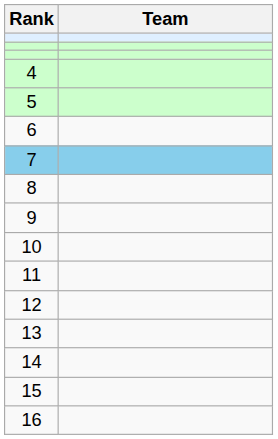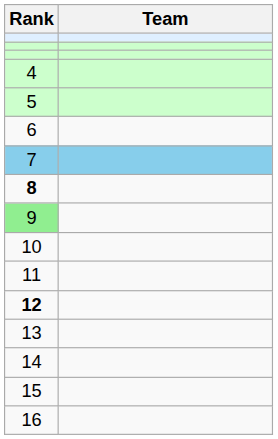 <table class="wikitable" style="text-align:center">
 <tr>
 <th width=40>Rank</th>
 <th width=180>Team</th>
 </tr>
 <tr bgcolor=#dfefff>
 <td></td>
 <td style="text-align:left"></td>
 </tr>
 <tr bgcolor=#ccffcc>
 <td></td>
 <td style="text-align:left"></td>
 </tr>
 <tr bgcolor=#ccffcc>
 <td></td>
 <td style="text-align:left"></td>
 </tr>
 <tr bgcolor=#ccffcc>
 <td>4</td>
 <td style="text-align:left"></td>
 </tr>
 <tr bgcolor=#ccffcc>
 <td>5</td>
 <td style="text-align:left"></td>
 </tr>
 <tr>
 <td>6</td>
 <td style="text-align:left"></td>
 </tr>
 <tr bgcolor=#87ceeb>
 <td>7</td>
 <td style="text-align:left"></td>
 </tr>
 <tr>
-<td>8</td>
+<td><strong>8</strong></td>
 <td style="text-align:left"></td>
 </tr>
 <tr>
-<td>9</td>
+<td style="background: lightgreen;">9</td>
 <td style="text-align:left"></td>
 </tr>
 <tr>
 <td>10</td>
 <td style="text-align:left"></td>
 </tr>
 <tr>
 <td>11</td>
 <td style="text-align:left"></td>
 </tr>
 <tr>
-<td>12</td>
+<td><strong>12</strong></td>
 <td style="text-align:left"></td>
 </tr>
 <tr>
 <td>13</td>
 <td style="text-align:left"></td>
 </tr>
 <tr>
 <td>14</td>
 <td style="text-align:left"></td>
 </tr>
 <tr>
 <td>15</td>
 <td style="text-align:left"></td>
 </tr>
 <tr>
 <td>16</td>
 <td style="text-align:left"></td>
 </tr>
 </table>
